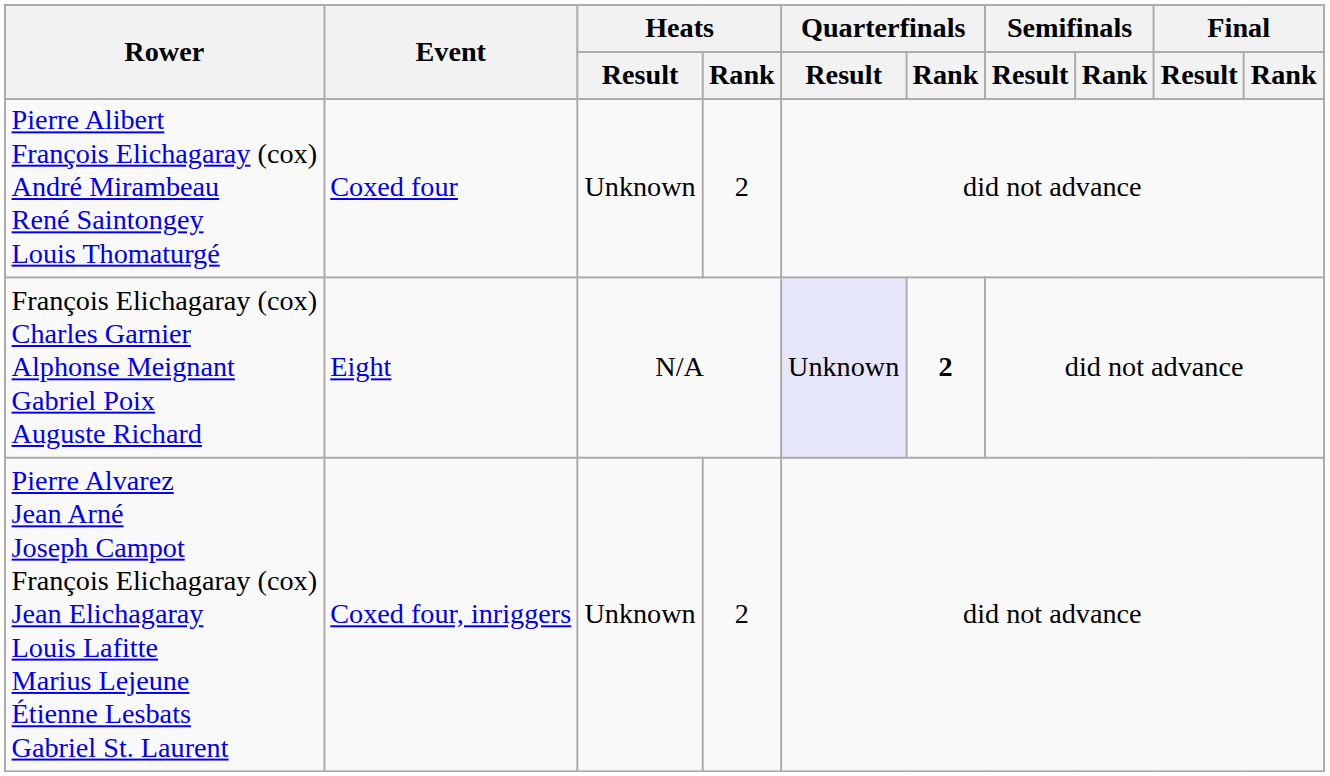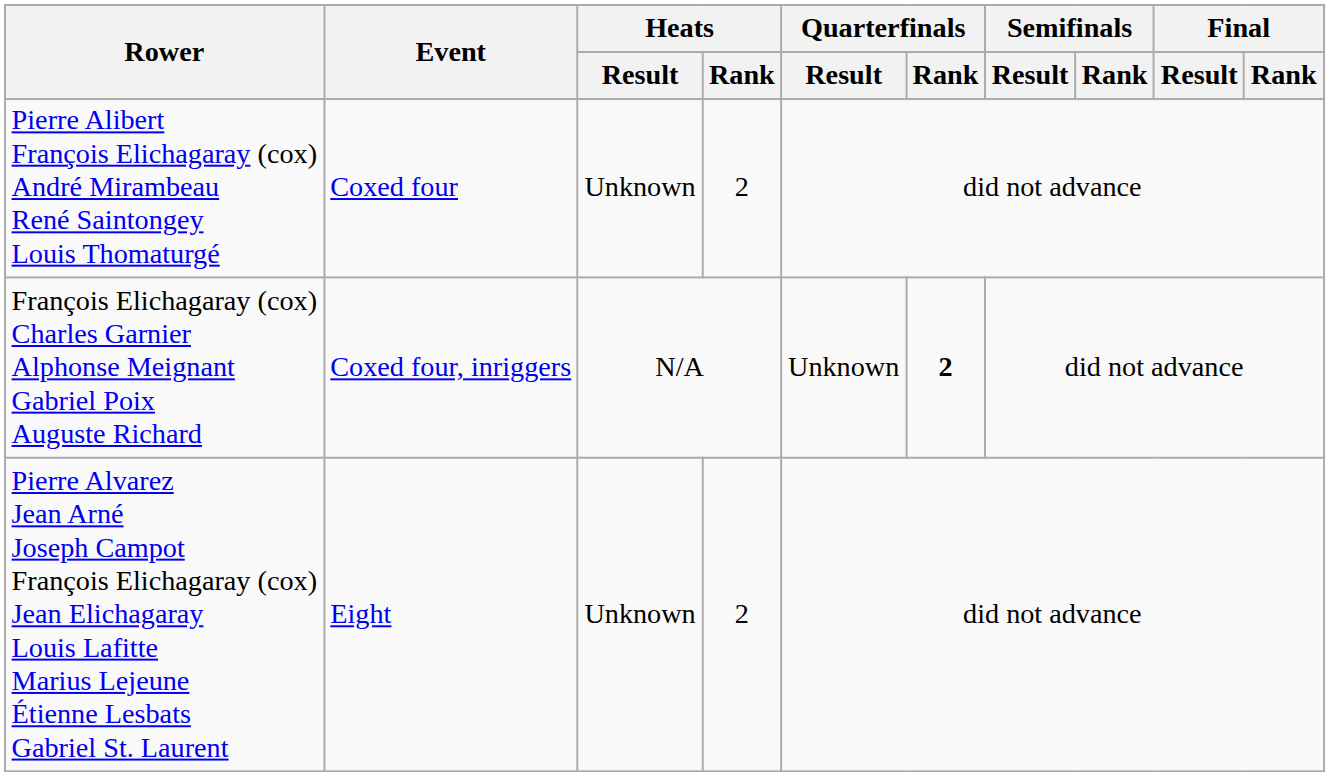 <table class=wikitable style="font-size:90%">
 <tr>
 <th rowspan=2>Rower</th>
 <th rowspan=2>Event</th>
 <th colspan=2>Heats</th>
 <th colspan=2>Quarterfinals</th>
 <th colspan=2>Semifinals</th>
 <th colspan=2>Final</th>
 </tr>
 <tr>
 <th>Result</th>
 <th>Rank</th>
 <th>Result</th>
 <th>Rank</th>
 <th>Result</th>
 <th>Rank</th>
 <th>Result</th>
 <th>Rank</th>
 </tr>
 <tr>
 <td><a href='#'>Pierre Alibert</a> <br> <a href='#'>François Elichagaray</a> (cox) <br> <a href='#'>André Mirambeau</a> <br> <a href='#'>René Saintongey</a> <br> <a href='#'>Louis Thomaturgé</a></td>
 <td><a href='#'>Coxed four</a></td>
 <td align=center>Unknown</td>
 <td align=center>2</td>
 <td align=center colspan=6>did not advance</td>
 </tr>
 <tr>
 <td>François Elichagaray (cox) <br> <a href='#'>Charles Garnier</a> <br> <a href='#'>Alphonse Meignant</a> <br> <a href='#'>Gabriel Poix</a> <br> <a href='#'>Auguste Richard</a></td>
-<td><a href='#'>Eight</a></td>
+<td><a href='#'>Coxed four, inriggers</a></td>
 <td align=center colspan=2>N/A</td>
-<td align=center style="background: lavender;">Unknown</td>
+<td align=center>Unknown</td>
 <td align=center><strong>2</strong></td>
 <td align=center colspan=4>did not advance</td>
 </tr>
 <tr>
 <td><a href='#'>Pierre Alvarez</a> <br> <a href='#'>Jean Arné</a> <br> <a href='#'>Joseph Campot</a> <br> François Elichagaray (cox) <br> <a href='#'>Jean Elichagaray</a> <br> <a href='#'>Louis Lafitte</a> <br> <a href='#'>Marius Lejeune</a> <br> <a href='#'>Étienne Lesbats</a> <br> <a href='#'>Gabriel St. Laurent</a></td>
-<td><a href='#'>Coxed four, inriggers</a></td>
+<td><a href='#'>Eight</a></td>
 <td align=center>Unknown</td>
 <td align=center>2</td>
 <td align=center colspan=6>did not advance</td>
 </tr>
 </table>
